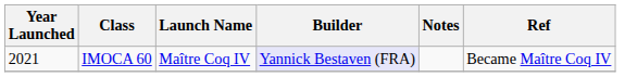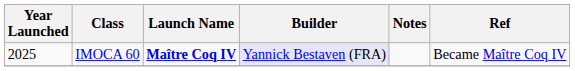 <table class="wikitable sortable">
 <tr>
 <th>Year<br>Launched</th>
 <th>Class</th>
 <th>Launch Name</th>
 <th>Builder</th>
 <th>Notes</th>
 <th>Ref</th>
 </tr>
 <tr>
-<td>2021</td>
+<td>2025</td>
 <td><a href='#'>IMOCA 60</a></td>
-<td><a href='#'>Maître Coq IV</a></td>
+<td><strong><a href='#'>Maître Coq IV</a></strong></td>
 <td style="background: lavender;"><a href='#'>Yannick Bestaven</a> (FRA)</td>
 <td></td>
 <td>Became <a href='#'>Maître Coq IV</a></td>
 </tr>
 <tr>
 </tr>
 </table>
